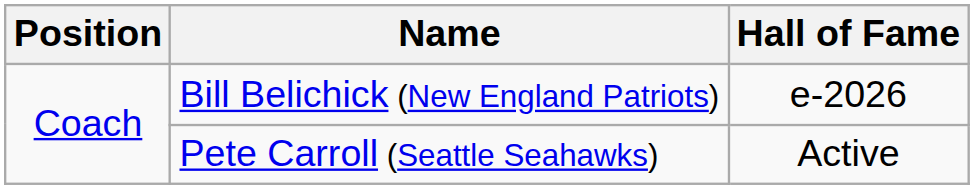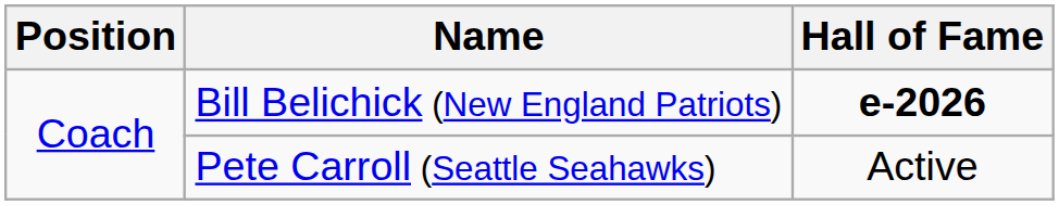 <table class="wikitable">
 <tr>
 <th>Position</th>
 <th>Name</th>
 <th>Hall of Fame</th>
 </tr>
 <tr>
 <td style="text-align:center;" rowspan="2"><a href='#'>Coach</a></td>
 <td><a href='#'>Bill Belichick</a><small> (<a href='#'>New England Patriots</a>)</small></td>
-<td align=center>e-2026</td>
+<td align=center><strong>e-2026</strong></td>
 </tr>
 <tr>
 <td><a href='#'>Pete Carroll</a><small> (<a href='#'>Seattle Seahawks</a>)</small></td>
 <td align=center>Active</td>
 </tr>
 </table>
